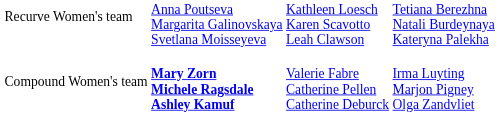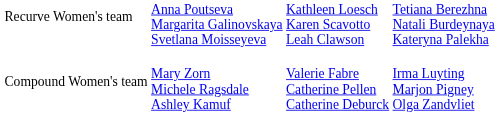 <table>
 <tr>
 <td>Recurve Women's team<br></td>
 <td><br><a href='#'>Anna Poutseva</a><br><a href='#'>Margarita Galinovskaya</a><br><a href='#'>Svetlana Moisseyeva</a></td>
 <td><br><a href='#'>Kathleen Loesch</a><br><a href='#'>Karen Scavotto</a><br><a href='#'>Leah Clawson</a></td>
 <td><br><a href='#'>Tetiana Berezhna</a><br><a href='#'>Natali Burdeynaya</a><br><a href='#'>Kateryna Palekha</a></td>
 </tr>
 <tr>
 <td>Compound Women's team<br></td>
-<td><strong><br><a href='#'>Mary Zorn</a><br><a href='#'>Michele Ragsdale</a><br><a href='#'>Ashley Kamuf</a></strong></td>
+<td><br><a href='#'>Mary Zorn</a><br><a href='#'>Michele Ragsdale</a><br><a href='#'>Ashley Kamuf</a></td>
 <td><br><a href='#'>Valerie Fabre</a><br><a href='#'>Catherine Pellen</a><br><a href='#'>Catherine Deburck</a></td>
 <td><br><a href='#'>Irma Luyting</a><br><a href='#'>Marjon Pigney</a><br><a href='#'>Olga Zandvliet</a></td>
 </tr>
 </table>
